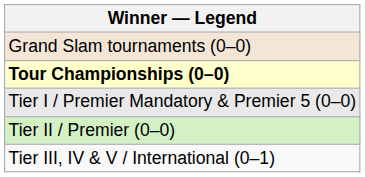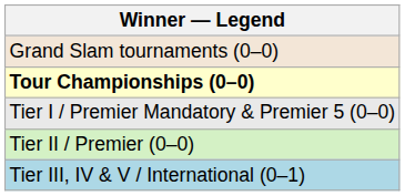 <table class="wikitable sortable mw-collapsible mw-collapsed">
 <tr>
 <th>Winner — Legend</th>
 </tr>
 <tr>
 <td style="background:#f3e6d7;">Grand Slam tournaments (0–0)</td>
 </tr>
 <tr>
 <td style="background:#ffc;"><strong>Tour Championships (0–0)</strong></td>
 </tr>
 <tr>
 <td style="background:#e9e9e9;">Tier I / Premier Mandatory & Premier 5 (0–0)</td>
 </tr>
 <tr>
 <td style="background:#d4f1c5;">Tier II / Premier (0–0)</td>
 </tr>
 <tr>
-<td>Tier III, IV & V / International (0–1)</td>
+<td style="background: lightblue;">Tier III, IV & V / International (0–1)</td>
 </tr>
 </table>
